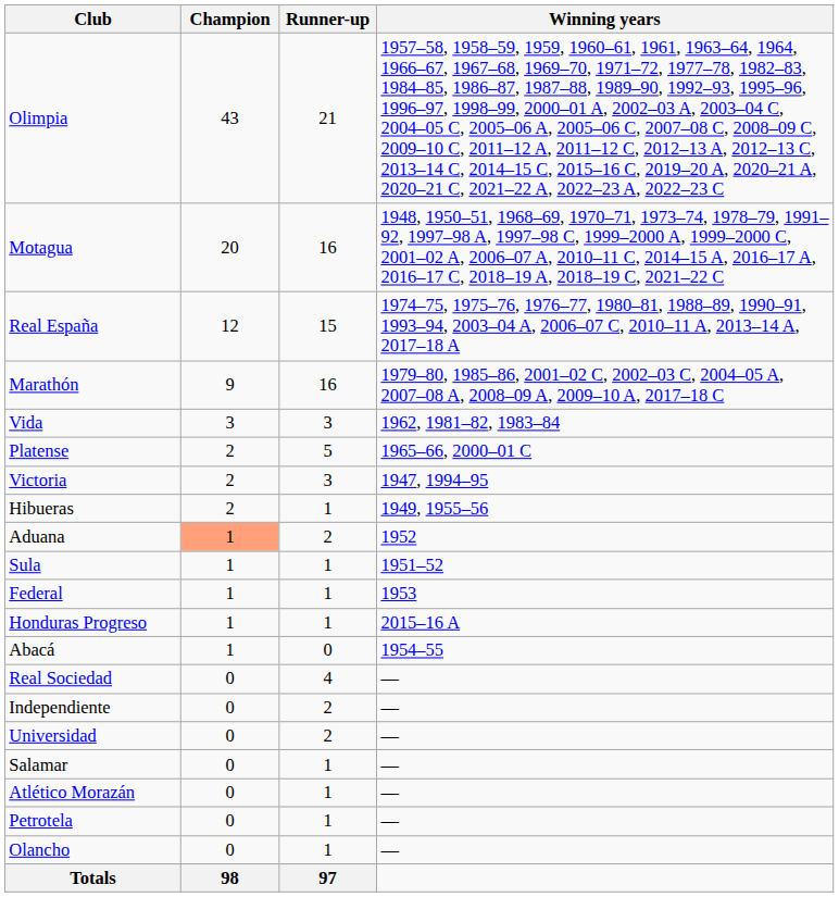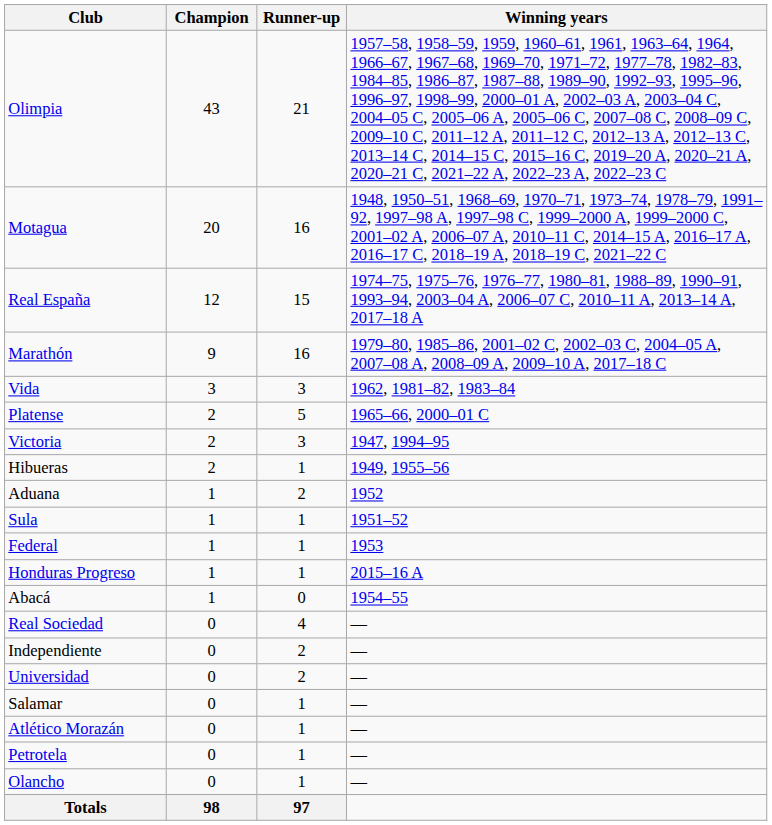 <table class="wikitable">
 <tr>
 <th width="150 ">Club</th>
 <th width="80 ">Champion</th>
 <th width="80 ">Runner-up</th>
 <th width="400 ">Winning years</th>
 </tr>
 <tr>
 <td><a href='#'>Olimpia</a></td>
 <td align="center">43</td>
 <td align="center">21</td>
 <td><a href='#'>1957–58</a>, <a href='#'>1958–59</a>, <a href='#'>1959</a>, <a href='#'>1960–61</a>, <a href='#'>1961</a>, <a href='#'>1963–64</a>, <a href='#'>1964</a>, <a href='#'>1966–67</a>, <a href='#'>1967–68</a>, <a href='#'>1969–70</a>, <a href='#'>1971–72</a>, <a href='#'>1977–78</a>, <a href='#'>1982–83</a>, <a href='#'>1984–85</a>, <a href='#'>1986–87</a>, <a href='#'>1987–88</a>, <a href='#'>1989–90</a>, <a href='#'>1992–93</a>, <a href='#'>1995–96</a>, <a href='#'>1996–97</a>, <a href='#'>1998–99</a>, <a href='#'>2000–01 A</a>, <a href='#'>2002–03 A</a>, <a href='#'>2003–04 C</a>, <a href='#'>2004–05 C</a>, <a href='#'>2005–06 A</a>, <a href='#'>2005–06 C</a>, <a href='#'>2007–08 C</a>, <a href='#'>2008–09 C</a>, <a href='#'>2009–10 C</a>, <a href='#'>2011–12 A</a>, <a href='#'>2011–12 C</a>, <a href='#'>2012–13 A</a>, <a href='#'>2012–13 C</a>, <a href='#'>2013–14 C</a>, <a href='#'>2014–15 C</a>, <a href='#'>2015–16 C</a>, <a href='#'>2019–20 A</a>, <a href='#'>2020–21 A</a>, <a href='#'>2020–21 C</a>, <a href='#'>2021–22 A</a>, <a href='#'>2022–23 A</a>, <a href='#'>2022–23 C</a></td>
 </tr>
 <tr>
 <td><a href='#'>Motagua</a></td>
 <td align="center">20</td>
 <td align="center">16</td>
 <td><a href='#'>1948</a>, <a href='#'>1950–51</a>, <a href='#'>1968–69</a>, <a href='#'>1970–71</a>, <a href='#'>1973–74</a>, <a href='#'>1978–79</a>, <a href='#'>1991–92</a>, <a href='#'>1997–98 A</a>, <a href='#'>1997–98 C</a>, <a href='#'>1999–2000 A</a>, <a href='#'>1999–2000 C</a>, <a href='#'>2001–02 A</a>, <a href='#'>2006–07 A</a>, <a href='#'>2010–11 C</a>, <a href='#'>2014–15 A</a>, <a href='#'>2016–17 A</a>, <a href='#'>2016–17 C</a>, <a href='#'>2018–19 A</a>, <a href='#'>2018–19 C</a>, <a href='#'>2021–22 C</a></td>
 </tr>
 <tr>
 <td><a href='#'>Real España</a></td>
 <td align="center">12</td>
 <td align="center">15</td>
 <td><a href='#'>1974–75</a>, <a href='#'>1975–76</a>, <a href='#'>1976–77</a>, <a href='#'>1980–81</a>, <a href='#'>1988–89</a>, <a href='#'>1990–91</a>, <a href='#'>1993–94</a>, <a href='#'>2003–04 A</a>, <a href='#'>2006–07 C</a>, <a href='#'>2010–11 A</a>, <a href='#'>2013–14 A</a>, <a href='#'>2017–18 A</a></td>
 </tr>
 <tr>
 <td><a href='#'>Marathón</a></td>
 <td align="center">9</td>
 <td align="center">16</td>
 <td><a href='#'>1979–80</a>, <a href='#'>1985–86</a>, <a href='#'>2001–02 C</a>, <a href='#'>2002–03 C</a>, <a href='#'>2004–05 A</a>, <a href='#'>2007–08 A</a>, <a href='#'>2008–09 A</a>, <a href='#'>2009–10 A</a>, <a href='#'>2017–18 C</a></td>
 </tr>
 <tr>
 <td><a href='#'>Vida</a></td>
 <td align="center">3</td>
 <td align="center">3</td>
 <td><a href='#'>1962</a>, <a href='#'>1981–82</a>, <a href='#'>1983–84</a></td>
 </tr>
 <tr>
 <td><a href='#'>Platense</a></td>
 <td align="center">2</td>
 <td align="center">5</td>
 <td><a href='#'>1965–66</a>, <a href='#'>2000–01 C</a></td>
 </tr>
 <tr>
 <td><a href='#'>Victoria</a></td>
 <td align="center">2</td>
 <td align="center">3</td>
 <td><a href='#'>1947</a>, <a href='#'>1994–95</a></td>
 </tr>
 <tr>
 <td>Hibueras</td>
 <td align="center">2</td>
 <td align="center">1</td>
 <td><a href='#'>1949</a>, <a href='#'>1955–56</a></td>
 </tr>
 <tr>
 <td>Aduana</td>
-<td align="center" style="background: lightsalmon;">1</td>
+<td align="center">1</td>
 <td align="center">2</td>
 <td><a href='#'>1952</a></td>
 </tr>
 <tr>
 <td><a href='#'>Sula</a></td>
 <td align="center">1</td>
 <td align="center">1</td>
 <td><a href='#'>1951–52</a></td>
 </tr>
 <tr>
 <td><a href='#'>Federal</a></td>
 <td align="center">1</td>
 <td align="center">1</td>
 <td><a href='#'>1953</a></td>
 </tr>
 <tr>
 <td><a href='#'>Honduras Progreso</a></td>
 <td align="center">1</td>
 <td align="center">1</td>
 <td><a href='#'>2015–16 A</a></td>
 </tr>
 <tr>
 <td>Abacá</td>
 <td align="center">1</td>
 <td align="center">0</td>
 <td><a href='#'>1954–55</a></td>
 </tr>
 <tr>
 <td><a href='#'>Real Sociedad</a></td>
 <td align="center">0</td>
 <td align="center">4</td>
 <td>—</td>
 </tr>
 <tr>
 <td>Independiente</td>
 <td align="center">0</td>
 <td align="center">2</td>
 <td>—</td>
 </tr>
 <tr>
 <td><a href='#'>Universidad</a></td>
 <td align="center">0</td>
 <td align="center">2</td>
 <td>—</td>
 </tr>
 <tr>
 <td>Salamar</td>
 <td align="center">0</td>
 <td align="center">1</td>
 <td>—</td>
 </tr>
 <tr>
 <td><a href='#'>Atlético Morazán</a></td>
 <td align="center">0</td>
 <td align="center">1</td>
 <td>—</td>
 </tr>
 <tr>
 <td><a href='#'>Petrotela</a></td>
 <td align="center">0</td>
 <td align="center">1</td>
 <td>—</td>
 </tr>
 <tr>
 <td><a href='#'>Olancho</a></td>
 <td align="center">0</td>
 <td align="center">1</td>
 <td>—</td>
 </tr>
 <tr>
 <th>Totals</th>
 <th>98</th>
 <th>97</th>
 </tr>
 </table>
